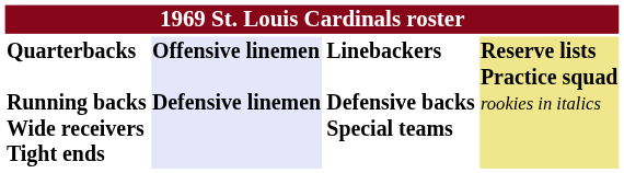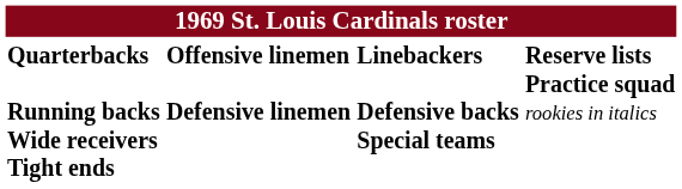 <table class="toccolours" style="text-align: left;">
 <tr>
 <th colspan="9" style="background-color: #870619; color: white; text-align: center;"><strong>1969 St. Louis Cardinals roster</strong></th>
 </tr>
 <tr>
 <td style="font-size: 95%;" valign="top"><strong>Quarterbacks</strong><br> <br><strong>Running backs</strong>    <br><strong>Wide receivers</strong>    <br><strong>Tight ends</strong> </td>
-<td style="background: lavender; font-size: 95%;" valign="top"><strong>Offensive linemen</strong><br>       <br><strong>Defensive linemen</strong>       </td>
+<td style="font-size: 95%;" valign="top"><strong>Offensive linemen</strong><br>       <br><strong>Defensive linemen</strong>       </td>
 <td style="font-size: 95%;" valign="top"><strong>Linebackers</strong><br>    <br><strong>Defensive backs</strong>      <br><strong>Special teams</strong>  </td>
-<td style="background: khaki; font-size: 95%;" valign="top"><strong>Reserve lists</strong><br><strong>Practice squad</strong><br><small><em>rookies in italics</em></small><br></td>
+<td style="font-size: 95%;" valign="top"><strong>Reserve lists</strong><br><strong>Practice squad</strong><br><small><em>rookies in italics</em></small><br></td>
 </tr>
 <tr>
 </tr>
 </table>
